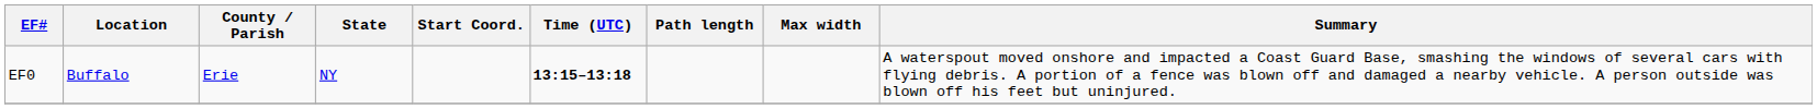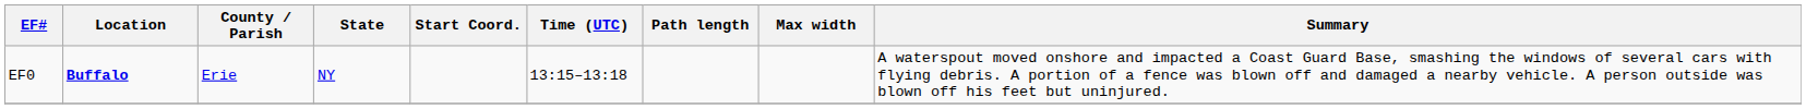 <table class="wikitable sortable" style="width:100%;">
 <tr>
 <th scope="col"  style="width:3%; text-align:center;"><a href='#'>EF#</a></th>
 <th scope="col"  style="width:7%; text-align:center;" class="unsortable">Location</th>
 <th scope="col"  style="width:6%; text-align:center;" class="unsortable">County / Parish</th>
 <th scope="col"  style="width:5%; text-align:center;">State</th>
 <th scope="col"  style="width:6%; text-align:center;">Start Coord.</th>
 <th scope="col"  style="width:6%; text-align:center;">Time (<a href='#'>UTC</a>)</th>
 <th scope="col"  style="width:6%; text-align:center;">Path length</th>
 <th scope="col"  style="width:6%; text-align:center;">Max width</th>
 <th scope="col" class="unsortable" style="width:48%; text-align:center;">Summary</th>
 </tr>
 <tr>
 <td>EF0</td>
-<td><a href='#'>Buffalo</a></td>
+<td><strong><a href='#'>Buffalo</a></strong></td>
 <td><a href='#'>Erie</a></td>
 <td><a href='#'>NY</a></td>
 <td></td>
-<td><strong>13:15–13:18</strong></td>
+<td>13:15–13:18</td>
 <td></td>
 <td></td>
 <td>A waterspout moved onshore and impacted a Coast Guard Base, smashing the windows of several cars with flying debris. A portion of a fence was blown off and damaged a nearby vehicle. A person outside was blown off his feet but uninjured.</td>
 </tr>
 <tr>
 </tr>
 </table>
